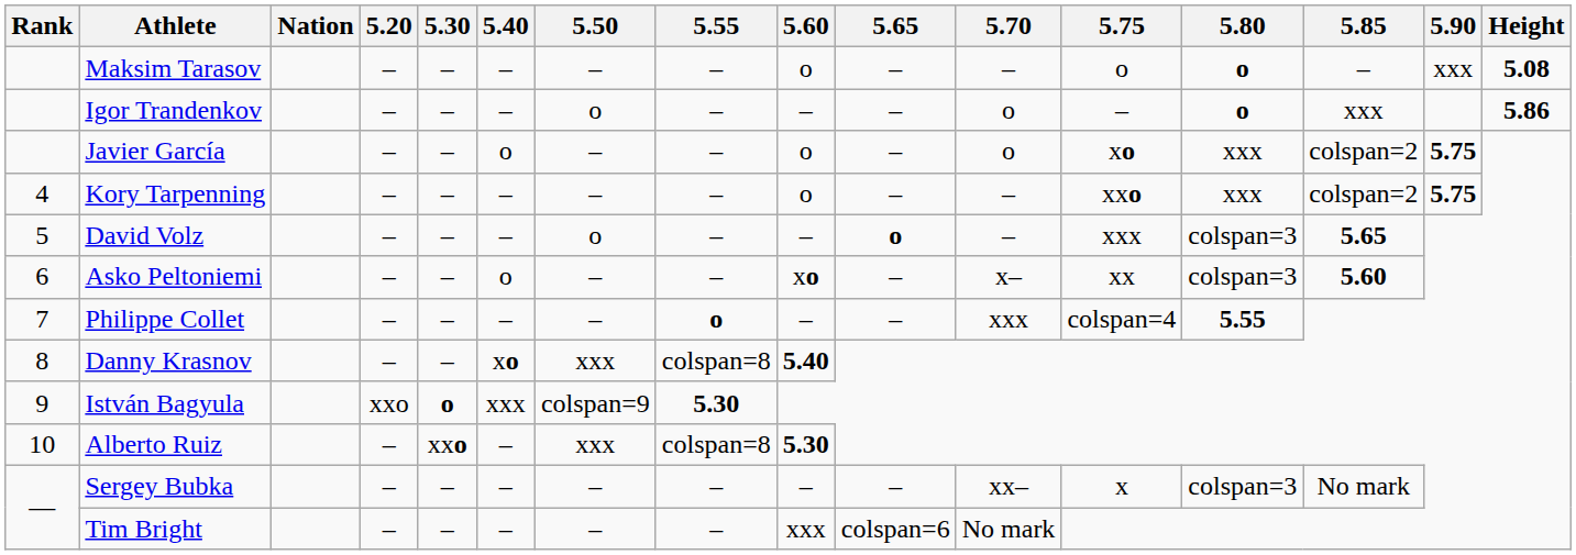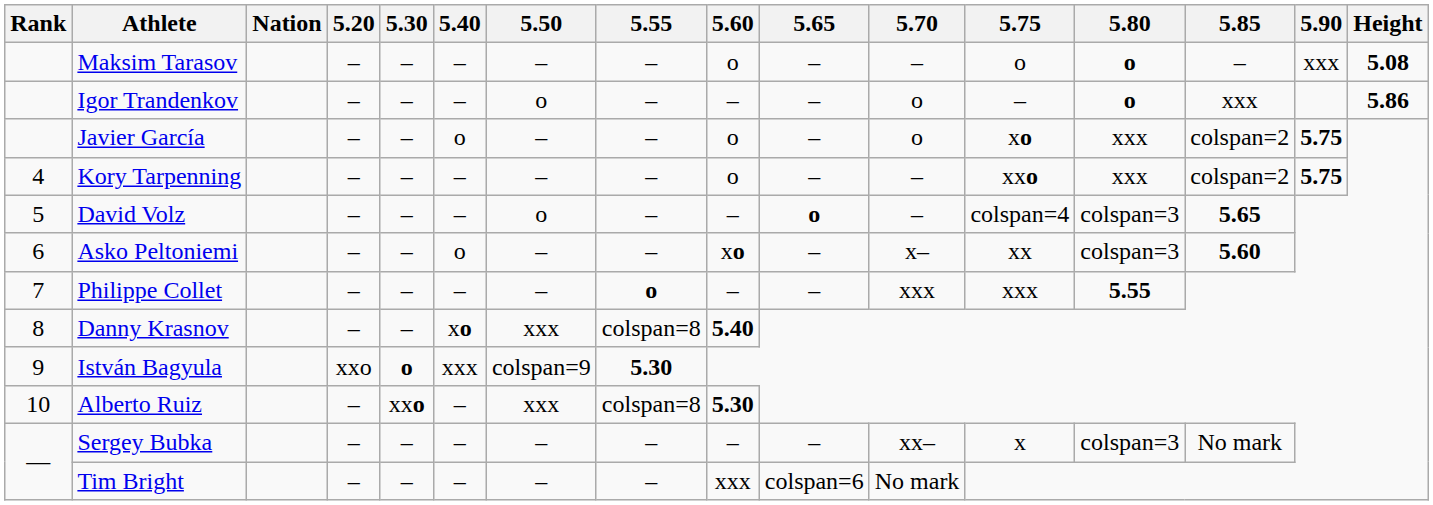 <table class="wikitable sortable" style="text-align:center">
 <tr>
 <th>Rank</th>
 <th>Athlete</th>
 <th>Nation</th>
 <th>5.20</th>
 <th>5.30</th>
 <th>5.40</th>
 <th>5.50</th>
 <th>5.55</th>
 <th>5.60</th>
 <th>5.65</th>
 <th>5.70</th>
 <th>5.75</th>
 <th>5.80</th>
 <th>5.85</th>
 <th>5.90</th>
 <th>Height</th>
 </tr>
 <tr>
 <td></td>
 <td align="left"><a href='#'>Maksim Tarasov</a></td>
 <td align=left></td>
 <td>–</td>
 <td>–</td>
 <td>–</td>
 <td>–</td>
 <td>–</td>
 <td>o</td>
 <td>–</td>
 <td>–</td>
 <td>o</td>
 <td><strong>o</strong></td>
 <td>–</td>
 <td>xxx</td>
 <td><strong>5.08</strong></td>
 </tr>
 <tr>
 <td></td>
 <td align="left"><a href='#'>Igor Trandenkov</a></td>
 <td align=left></td>
 <td>–</td>
 <td>–</td>
 <td>–</td>
 <td>o</td>
 <td>–</td>
 <td>–</td>
 <td>–</td>
 <td>o</td>
 <td>–</td>
 <td><strong>o</strong></td>
 <td>xxx</td>
 <td></td>
 <td><strong>5.86</strong></td>
 </tr>
 <tr>
 <td></td>
 <td align="left"><a href='#'>Javier García</a></td>
 <td align=left></td>
 <td>–</td>
 <td>–</td>
 <td>o</td>
 <td>–</td>
 <td>–</td>
 <td>o</td>
 <td>–</td>
 <td>o</td>
 <td>x<strong>o</strong></td>
 <td>xxx</td>
 <td>colspan=2 </td>
 <td><strong>5.75</strong></td>
 </tr>
 <tr>
 <td>4</td>
 <td align="left"><a href='#'>Kory Tarpenning</a></td>
 <td align=left></td>
 <td>–</td>
 <td>–</td>
 <td>–</td>
 <td>–</td>
 <td>–</td>
 <td>o</td>
 <td>–</td>
 <td>–</td>
 <td>xx<strong>o</strong></td>
 <td>xxx</td>
 <td>colspan=2 </td>
 <td><strong>5.75</strong></td>
 </tr>
 <tr>
 <td>5</td>
 <td align="left"><a href='#'>David Volz</a></td>
 <td align=left></td>
 <td>–</td>
 <td>–</td>
 <td>–</td>
 <td>o</td>
 <td>–</td>
 <td>–</td>
 <td><strong>o</strong></td>
 <td>–</td>
-<td>xxx</td>
+<td>colspan=4 </td>
 <td>colspan=3 </td>
 <td><strong>5.65</strong></td>
 </tr>
 <tr>
 <td>6</td>
 <td align="left"><a href='#'>Asko Peltoniemi</a></td>
 <td align=left></td>
 <td>–</td>
 <td>–</td>
 <td>o</td>
 <td>–</td>
 <td>–</td>
 <td>x<strong>o</strong></td>
 <td>–</td>
 <td>x–</td>
 <td>xx</td>
 <td>colspan=3 </td>
 <td><strong>5.60</strong></td>
 </tr>
 <tr>
 <td>7</td>
 <td align="left"><a href='#'>Philippe Collet</a></td>
 <td align=left></td>
 <td>–</td>
 <td>–</td>
 <td>–</td>
 <td>–</td>
 <td><strong>o</strong></td>
 <td>–</td>
 <td>–</td>
 <td>xxx</td>
-<td>colspan=4 </td>
+<td>xxx</td>
 <td><strong>5.55</strong></td>
 </tr>
 <tr>
 <td>8</td>
 <td align="left"><a href='#'>Danny Krasnov</a></td>
 <td align=left></td>
 <td>–</td>
 <td>–</td>
 <td>x<strong>o</strong></td>
 <td>xxx</td>
 <td>colspan=8 </td>
 <td><strong>5.40</strong></td>
 </tr>
 <tr>
 <td>9</td>
 <td align="left"><a href='#'>István Bagyula</a></td>
 <td align=left></td>
 <td>xxo</td>
 <td><strong>o</strong></td>
 <td>xxx</td>
 <td>colspan=9 </td>
 <td><strong>5.30</strong></td>
 </tr>
 <tr>
 <td>10</td>
 <td align="left"><a href='#'>Alberto Ruiz</a></td>
 <td align=left></td>
 <td>–</td>
 <td>xx<strong>o</strong></td>
 <td>–</td>
 <td>xxx</td>
 <td>colspan=8 </td>
 <td><strong>5.30</strong></td>
 </tr>
 <tr>
 <td rowspan=2 data-sort-value=11>—</td>
 <td align="left"><a href='#'>Sergey Bubka</a></td>
 <td align=left></td>
 <td>–</td>
 <td>–</td>
 <td>–</td>
 <td>–</td>
 <td>–</td>
 <td>–</td>
 <td>–</td>
 <td>xx–</td>
 <td>x</td>
 <td>colspan=3 </td>
 <td data-sort-value=1.00>No mark</td>
 </tr>
 <tr>
 <td align="left"><a href='#'>Tim Bright</a></td>
 <td align=left></td>
 <td>–</td>
 <td>–</td>
 <td>–</td>
 <td>–</td>
 <td>–</td>
 <td>xxx</td>
 <td>colspan=6 </td>
 <td data-sort-value=1.00>No mark</td>
 </tr>
 </table>
